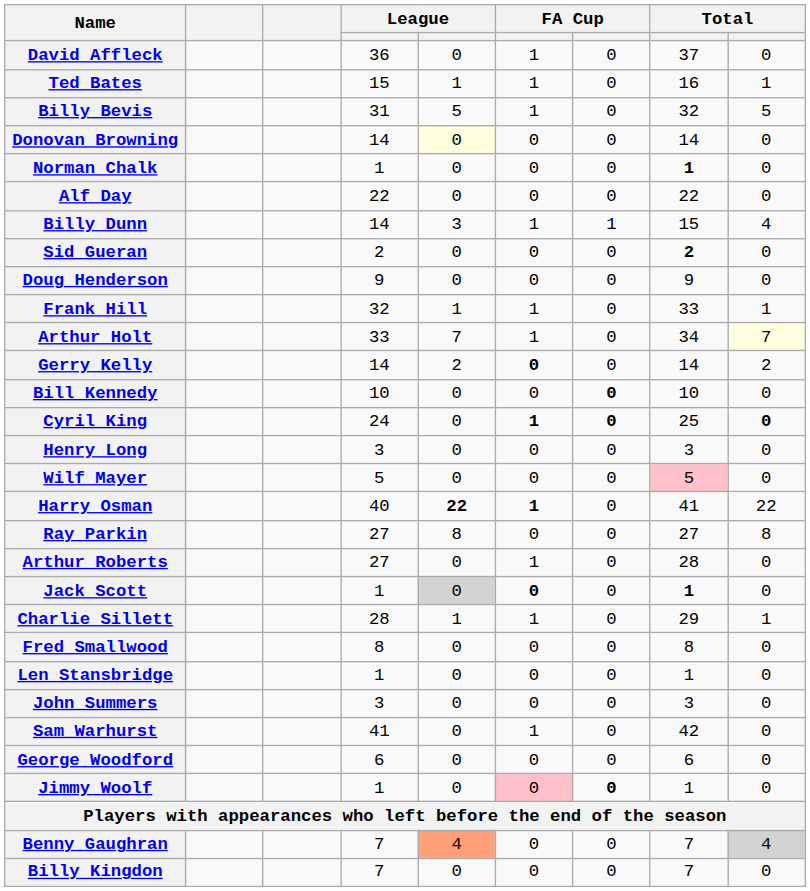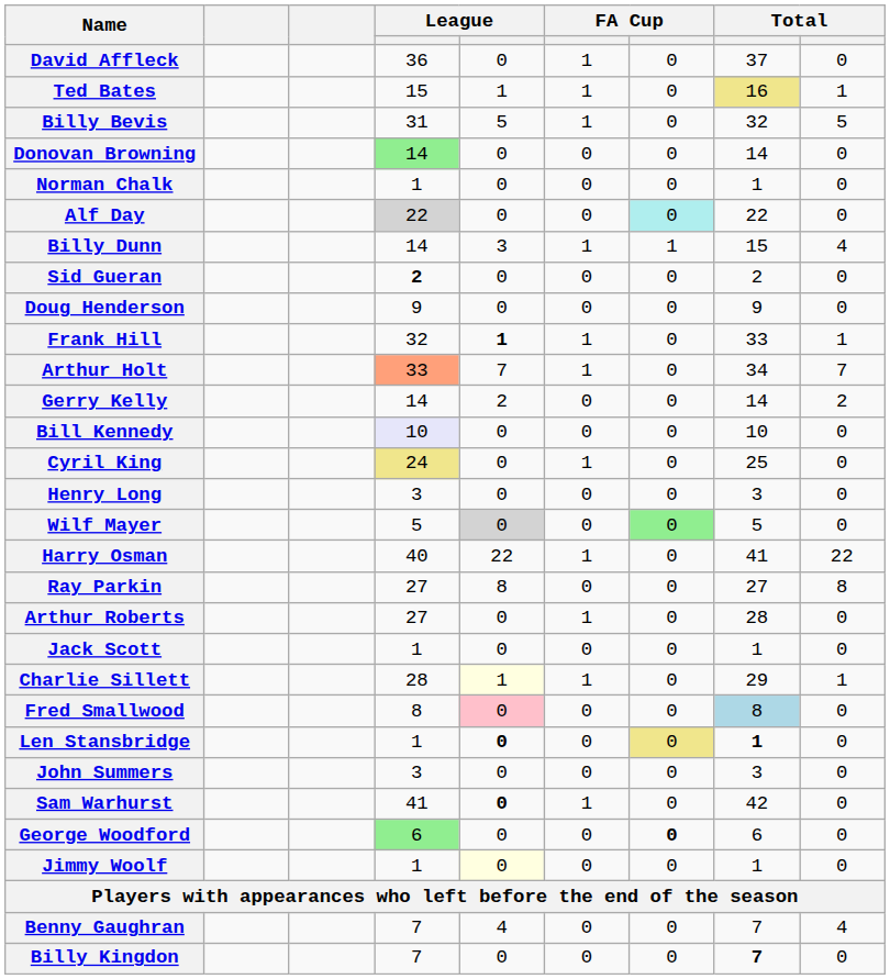 <table class="wikitable plainrowheaders" style="text-align:center;">
 <tr>
 <th scope="col" rowspan="2" style="width:10em;">Name</th>
 <th scope="col" rowspan="2" style="width:4em;"></th>
 <th scope="col" rowspan="2" style="width:4em;"></th>
 <th scope="col" colspan="2">League</th>
 <th scope="col" colspan="2">FA Cup</th>
 <th scope="col" colspan="2">Total</th>
 </tr>
 <tr>
 <th scope="col" style="width:4em;"></th>
 <th scope="col" style="width:4em;"></th>
 <th scope="col" style="width:4em;"></th>
 <th scope="col" style="width:4em;"></th>
 <th scope="col" style="width:4em;"></th>
 <th scope="col" style="width:4em;"></th>
 </tr>
 <tr>
 <th scope="row"><a href='#'>David Affleck</a></th>
 <td></td>
 <td></td>
 <td>36</td>
 <td>0</td>
 <td>1</td>
 <td>0</td>
 <td>37</td>
 <td>0</td>
 </tr>
 <tr>
 <th scope="row"><a href='#'>Ted Bates</a></th>
 <td></td>
 <td></td>
 <td>15</td>
 <td>1</td>
 <td>1</td>
 <td>0</td>
-<td>16</td>
+<td style="background: khaki;">16</td>
 <td>1</td>
 </tr>
 <tr>
 <th scope="row"><a href='#'>Billy Bevis</a></th>
 <td></td>
 <td></td>
 <td>31</td>
 <td>5</td>
 <td>1</td>
 <td>0</td>
 <td>32</td>
 <td>5</td>
 </tr>
 <tr>
 <th scope="row"><a href='#'>Donovan Browning</a></th>
 <td></td>
 <td></td>
-<td>14</td>
-<td style="background: lightyellow;">0</td>
+<td style="background: lightgreen;">14</td>
+<td>0</td>
 <td>0</td>
 <td>0</td>
 <td>14</td>
 <td>0</td>
 </tr>
 <tr>
 <th scope="row"><a href='#'>Norman Chalk</a></th>
 <td></td>
 <td></td>
 <td>1</td>
 <td>0</td>
 <td>0</td>
 <td>0</td>
-<td><strong>1</strong></td>
+<td>1</td>
 <td>0</td>
 </tr>
 <tr>
 <th scope="row"><a href='#'>Alf Day</a></th>
 <td></td>
 <td></td>
-<td>22</td>
+<td style="background: lightgrey;">22</td>
 <td>0</td>
 <td>0</td>
-<td>0</td>
+<td style="background: paleturquoise;">0</td>
 <td>22</td>
 <td>0</td>
 </tr>
 <tr>
 <th scope="row"><a href='#'>Billy Dunn</a></th>
 <td></td>
 <td></td>
 <td>14</td>
 <td>3</td>
 <td>1</td>
 <td>1</td>
 <td>15</td>
 <td>4</td>
 </tr>
 <tr>
 <th scope="row"><a href='#'>Sid Gueran</a></th>
 <td></td>
 <td></td>
-<td>2</td>
+<td><strong>2</strong></td>
 <td>0</td>
 <td>0</td>
 <td>0</td>
-<td><strong>2</strong></td>
+<td>2</td>
 <td>0</td>
 </tr>
 <tr>
 <th scope="row"><a href='#'>Doug Henderson</a></th>
 <td></td>
 <td></td>
 <td>9</td>
 <td>0</td>
 <td>0</td>
 <td>0</td>
 <td>9</td>
 <td>0</td>
 </tr>
 <tr>
 <th scope="row"><a href='#'>Frank Hill</a></th>
 <td></td>
 <td></td>
 <td>32</td>
-<td>1</td>
+<td><strong>1</strong></td>
 <td>1</td>
 <td>0</td>
 <td>33</td>
 <td>1</td>
 </tr>
 <tr>
 <th scope="row"><a href='#'>Arthur Holt</a></th>
 <td></td>
 <td></td>
-<td>33</td>
+<td style="background: lightsalmon;">33</td>
 <td>7</td>
 <td>1</td>
 <td>0</td>
 <td>34</td>
-<td style="background: lightyellow;">7</td>
+<td>7</td>
 </tr>
 <tr>
 <th scope="row"><a href='#'>Gerry Kelly</a></th>
 <td></td>
 <td></td>
 <td>14</td>
 <td>2</td>
-<td><strong>0</strong></td>
+<td>0</td>
 <td>0</td>
 <td>14</td>
 <td>2</td>
 </tr>
 <tr>
 <th scope="row"><a href='#'>Bill Kennedy</a></th>
 <td></td>
 <td></td>
-<td>10</td>
+<td style="background: lavender;">10</td>
 <td>0</td>
 <td>0</td>
-<td><strong>0</strong></td>
+<td>0</td>
 <td>10</td>
 <td>0</td>
 </tr>
 <tr>
 <th scope="row"><a href='#'>Cyril King</a></th>
 <td></td>
 <td></td>
-<td>24</td>
+<td style="background: khaki;">24</td>
 <td>0</td>
-<td><strong>1</strong></td>
-<td><strong>0</strong></td>
+<td>1</td>
+<td>0</td>
 <td>25</td>
-<td><strong>0</strong></td>
+<td>0</td>
 </tr>
 <tr>
 <th scope="row"><a href='#'>Henry Long</a></th>
 <td></td>
 <td></td>
 <td>3</td>
 <td>0</td>
 <td>0</td>
 <td>0</td>
 <td>3</td>
 <td>0</td>
 </tr>
 <tr>
 <th scope="row"><a href='#'>Wilf Mayer</a></th>
 <td></td>
 <td></td>
 <td>5</td>
+<td style="background: lightgrey;">0</td>
 <td>0</td>
-<td>0</td>
-<td>0</td>
-<td style="background: pink;">5</td>
+<td style="background: lightgreen;">0</td>
+<td>5</td>
 <td>0</td>
 </tr>
 <tr>
 <th scope="row"><a href='#'>Harry Osman</a></th>
 <td></td>
 <td></td>
 <td>40</td>
-<td><strong>22</strong></td>
-<td><strong>1</strong></td>
+<td>22</td>
+<td>1</td>
 <td>0</td>
 <td>41</td>
 <td>22</td>
 </tr>
 <tr>
 <th scope="row"><a href='#'>Ray Parkin</a></th>
 <td></td>
 <td></td>
 <td>27</td>
 <td>8</td>
 <td>0</td>
 <td>0</td>
 <td>27</td>
 <td>8</td>
 </tr>
 <tr>
 <th scope="row"><a href='#'>Arthur Roberts</a></th>
 <td></td>
 <td></td>
 <td>27</td>
 <td>0</td>
 <td>1</td>
 <td>0</td>
 <td>28</td>
 <td>0</td>
 </tr>
 <tr>
 <th scope="row"><a href='#'>Jack Scott</a></th>
 <td></td>
 <td></td>
 <td>1</td>
-<td style="background: lightgrey;">0</td>
-<td><strong>0</strong></td>
 <td>0</td>
-<td><strong>1</strong></td>
+<td>0</td>
+<td>0</td>
+<td>1</td>
 <td>0</td>
 </tr>
 <tr>
 <th scope="row"><a href='#'>Charlie Sillett</a></th>
 <td></td>
 <td></td>
 <td>28</td>
-<td>1</td>
+<td style="background: lightyellow;">1</td>
 <td>1</td>
 <td>0</td>
 <td>29</td>
 <td>1</td>
 </tr>
 <tr>
 <th scope="row"><a href='#'>Fred Smallwood</a></th>
 <td></td>
 <td></td>
 <td>8</td>
+<td style="background: pink;">0</td>
 <td>0</td>
 <td>0</td>
-<td>0</td>
-<td>8</td>
+<td style="background: lightblue;">8</td>
 <td>0</td>
 </tr>
 <tr>
 <th scope="row"><a href='#'>Len Stansbridge</a></th>
 <td></td>
 <td></td>
 <td>1</td>
+<td><strong>0</strong></td>
 <td>0</td>
-<td>0</td>
-<td>0</td>
-<td>1</td>
+<td style="background: khaki;">0</td>
+<td><strong>1</strong></td>
 <td>0</td>
 </tr>
 <tr>
 <th scope="row"><a href='#'>John Summers</a></th>
 <td></td>
 <td></td>
 <td>3</td>
 <td>0</td>
 <td>0</td>
 <td>0</td>
 <td>3</td>
 <td>0</td>
 </tr>
 <tr>
 <th scope="row"><a href='#'>Sam Warhurst</a></th>
 <td></td>
 <td></td>
 <td>41</td>
-<td>0</td>
+<td><strong>0</strong></td>
 <td>1</td>
 <td>0</td>
 <td>42</td>
 <td>0</td>
 </tr>
 <tr>
 <th scope="row"><a href='#'>George Woodford</a></th>
 <td></td>
 <td></td>
-<td>6</td>
+<td style="background: lightgreen;">6</td>
 <td>0</td>
 <td>0</td>
-<td>0</td>
+<td><strong>0</strong></td>
 <td>6</td>
 <td>0</td>
 </tr>
 <tr>
 <th scope="row"><a href='#'>Jimmy Woolf</a></th>
 <td></td>
 <td></td>
 <td>1</td>
+<td style="background: lightyellow;">0</td>
 <td>0</td>
-<td style="background: pink;">0</td>
-<td><strong>0</strong></td>
+<td>0</td>
 <td>1</td>
 <td>0</td>
 </tr>
 <tr>
 <th scope="col" colspan="11">Players with appearances who left before the end of the season</th>
 </tr>
 <tr>
 <th scope="row"><a href='#'>Benny Gaughran</a></th>
 <td></td>
 <td></td>
 <td>7</td>
-<td style="background: lightsalmon;">4</td>
+<td>4</td>
 <td>0</td>
 <td>0</td>
 <td>7</td>
-<td style="background: lightgrey;">4</td>
+<td>4</td>
 </tr>
 <tr>
 <th scope="row"><a href='#'>Billy Kingdon</a></th>
 <td></td>
 <td></td>
 <td>7</td>
 <td>0</td>
 <td>0</td>
 <td>0</td>
-<td>7</td>
+<td><strong>7</strong></td>
 <td>0</td>
 </tr>
 </table>
